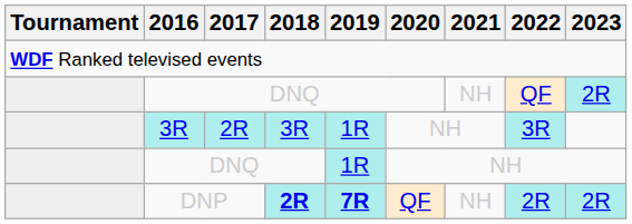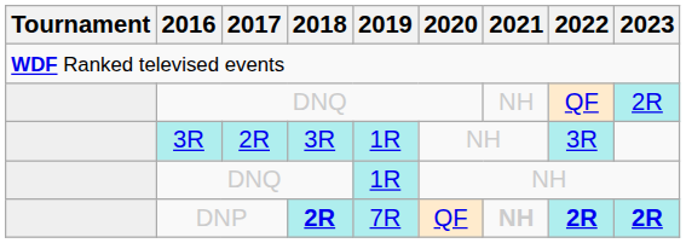 <table class="wikitable" style="width:20%; margin:0">
 <tr>
 <th>Tournament</th>
 <th>2016</th>
 <th>2017</th>
 <th>2018</th>
 <th>2019</th>
 <th>2020</th>
 <th>2021</th>
 <th>2022</th>
 <th>2023</th>
 </tr>
 <tr>
 <td colspan="9" style="text-align:left"><small><strong><a href='#'>WDF</a> </strong>Ranked televised events</small></td>
 </tr>
 <tr>
 <td style="background:#efefef;"></td>
 <td colspan="5" style="text-align:center; color:#ccc;">DNQ</td>
 <td style="text-align:center; color:#ccc;">NH</td>
 <td style="text-align:center; background:#ffebcd;"><a href='#'>QF</a></td>
 <td style="text-align:center; background:#afeeee;"><a href='#'>2R</a></td>
 </tr>
 <tr>
 <td style="background:#efefef;"></td>
 <td style="text-align:center; background:#afeeee;"><a href='#'>3R</a></td>
 <td style="text-align:center; background:#afeeee;"><a href='#'>2R</a></td>
 <td style="text-align:center; background:#afeeee;"><a href='#'>3R</a></td>
 <td style="text-align:center; background:#afeeee;"><a href='#'>1R</a></td>
 <td colspan="2" style="text-align:center; color:#ccc;">NH</td>
 <td style="text-align:center; background:#afeeee;"><a href='#'>3R</a></td>
 <td></td>
 </tr>
 <tr>
 <td style="background:#efefef;"></td>
 <td colspan="3" style="text-align:center; color:#ccc;">DNQ</td>
 <td style="text-align:center; background:#afeeee;"><a href='#'>1R</a></td>
 <td colspan="4" style="text-align:center; color:#ccc;">NH</td>
 </tr>
 <tr>
 <td style="background:#efefef;"></td>
 <td colspan="2" style="text-align:center; color:#ccc;">DNP</td>
 <td style="text-align:center; background:#afeeee;"><strong><a href='#'>2R</a></strong></td>
-<td style="text-align:center; background:#afeeee;"><strong><a href='#'>7R</a></strong></td>
+<td style="text-align:center; background:#afeeee;"><a href='#'>7R</a></td>
 <td style="text-align:center; background:#ffebcd;"><a href='#'>QF</a></td>
-<td style="text-align:center; color:#ccc;">NH</td>
-<td style="text-align:center; background:#afeeee;"><a href='#'>2R</a></td>
-<td style="text-align:center; background:#afeeee;"><a href='#'>2R</a></td>
+<td style="text-align:center; color:#ccc;"><strong>NH</strong></td>
+<td style="text-align:center; background:#afeeee;"><strong><a href='#'>2R</a></strong></td>
+<td style="text-align:center; background:#afeeee;"><strong><a href='#'>2R</a></strong></td>
 </tr>
 </table>
